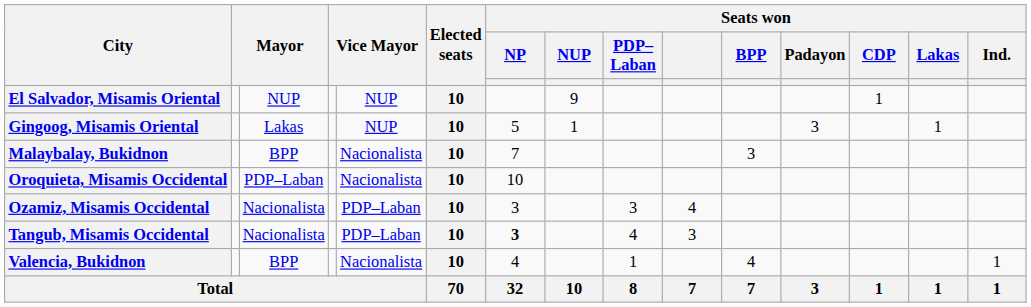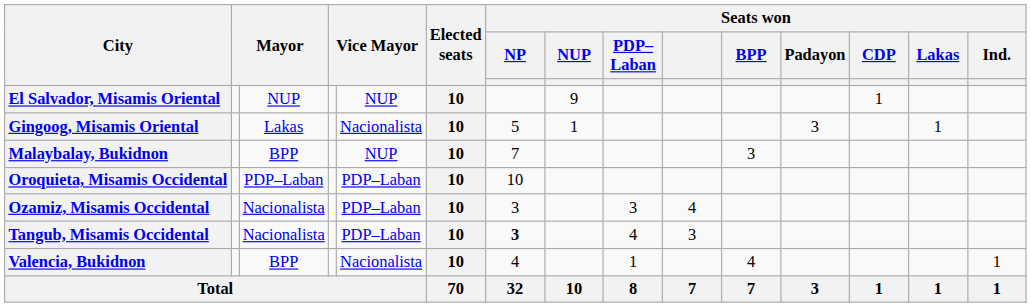 <table class="wikitable" style="text-align:center; font-size: 0.9em;">
 <tr>
 <th rowspan="3">City</th>
 <th colspan="2" rowspan="3" style="width:60px;">Mayor</th>
 <th colspan="2" rowspan="3" style="width:60px;">Vice Mayor</th>
 <th rowspan="3">Elected<br>seats</th>
 <th colspan="9">Seats won</th>
 </tr>
 <tr>
 <th class="unsortable" style="width:45px;"><a href='#'>NP</a></th>
 <th class="unsortable" style="width:45px;"><a href='#'>NUP</a></th>
 <th class="unsortable" style="width:45px;"><a href='#'>PDP–Laban</a></th>
 <th class="unsortable" style="width:45px;"></th>
 <th class="unsortable" style="width:45px;"><a href='#'>BPP</a></th>
 <th class="unsortable" style="width:45px;">Padayon</th>
 <th class="unsortable" style="width:45px;"><a href='#'>CDP</a></th>
 <th class="unsortable" style="width:45px;"><a href='#'>Lakas</a></th>
 <th class="unsortable" style="width:45px;">Ind.</th>
 </tr>
 <tr>
 <th style="color:inherit;background:"></th>
 <th style="color:inherit;background:"></th>
 <th style="color:inherit;background:"></th>
 <th style="color:inherit;background:"></th>
 <th style="color:inherit;background:"></th>
 <th style="color:inherit;background:"></th>
 <th style="color:inherit;background:"></th>
 <th style="color:inherit;background:"></th>
 <th style="color:inherit;background:"></th>
 </tr>
 <tr>
 <th style="text-align: left;"><a href='#'>El Salvador, Misamis Oriental</a></th>
 <td style="color:inherit;background:"></td>
 <td><a href='#'>NUP</a></td>
 <td style="color:inherit;background:"></td>
 <td><a href='#'>NUP</a></td>
 <th>10</th>
 <td></td>
 <td>9</td>
 <td></td>
 <td></td>
 <td></td>
 <td></td>
 <td>1</td>
 <td></td>
 <td></td>
 </tr>
 <tr>
 <th style="text-align: left;"><a href='#'>Gingoog, Misamis Oriental</a></th>
 <td style="color:inherit;background:"></td>
 <td><a href='#'>Lakas</a></td>
 <td style="color:inherit;background:"></td>
-<td><a href='#'>NUP</a></td>
+<td><a href='#'>Nacionalista</a></td>
 <th>10</th>
 <td>5</td>
 <td>1</td>
 <td></td>
 <td></td>
 <td></td>
 <td>3</td>
 <td></td>
 <td>1</td>
 <td></td>
 </tr>
 <tr>
 <th style="text-align: left;"><a href='#'>Malaybalay, Bukidnon</a></th>
 <td style="color:inherit;background:"></td>
 <td><a href='#'>BPP</a></td>
 <td style="color:inherit;background:"></td>
-<td><a href='#'>Nacionalista</a></td>
+<td><a href='#'>NUP</a></td>
 <th>10</th>
 <td>7</td>
 <td></td>
 <td></td>
 <td></td>
 <td>3</td>
 <td></td>
 <td></td>
 <td></td>
 <td></td>
 </tr>
 <tr>
 <th style="text-align: left;"><a href='#'>Oroquieta, Misamis Occidental</a></th>
 <td style="color:inherit;background:"></td>
 <td><a href='#'>PDP–Laban</a></td>
 <td style="color:inherit;background:"></td>
-<td><a href='#'>Nacionalista</a></td>
+<td><a href='#'>PDP–Laban</a></td>
 <th>10</th>
 <td>10</td>
 <td></td>
 <td></td>
 <td></td>
 <td></td>
 <td></td>
 <td></td>
 <td></td>
 <td></td>
 </tr>
 <tr>
 <th style="text-align: left;"><a href='#'>Ozamiz, Misamis Occidental</a></th>
 <td style="color:inherit;background:"></td>
 <td><a href='#'>Nacionalista</a></td>
 <td style="color:inherit;background:"></td>
 <td><a href='#'>PDP–Laban</a></td>
 <th>10</th>
 <td>3</td>
 <td></td>
 <td>3</td>
 <td>4</td>
 <td></td>
 <td></td>
 <td></td>
 <td></td>
 <td></td>
 </tr>
 <tr>
 <th style="text-align: left;"><a href='#'>Tangub, Misamis Occidental</a></th>
 <td style="color:inherit;background:"></td>
 <td><a href='#'>Nacionalista</a></td>
 <td style="color:inherit;background:"></td>
 <td><a href='#'>PDP–Laban</a></td>
 <th>10</th>
 <td><strong>3</strong></td>
 <td></td>
 <td>4</td>
 <td>3</td>
 <td></td>
 <td></td>
 <td></td>
 <td></td>
 <td></td>
 </tr>
 <tr>
 <th style="text-align: left;"><a href='#'>Valencia, Bukidnon</a></th>
 <td style="color:inherit;background:"></td>
 <td><a href='#'>BPP</a></td>
 <td style="color:inherit;background:"></td>
 <td><a href='#'>Nacionalista</a></td>
 <th>10</th>
 <td>4</td>
 <td></td>
 <td>1</td>
 <td></td>
 <td>4</td>
 <td></td>
 <td></td>
 <td></td>
 <td>1</td>
 </tr>
 <tr>
 <th colspan="5">Total</th>
 <th>70</th>
 <th>32</th>
 <th>10</th>
 <th>8</th>
 <th>7</th>
 <th>7</th>
 <th>3</th>
 <th>1</th>
 <th>1</th>
 <th>1</th>
 </tr>
 </table>
